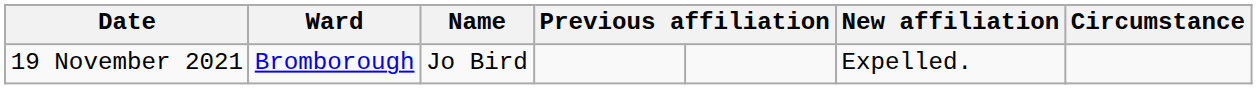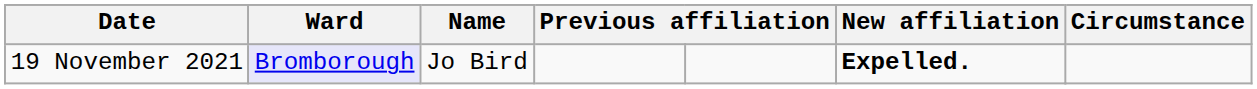 <table class="wikitable" style="font-size: 95%;">
 <tr>
 <th>Date</th>
 <th>Ward</th>
 <th>Name</th>
 <th colspan="2">Previous affiliation</th>
 <th colspan="2">New affiliation</th>
 <th>Circumstance</th>
 </tr>
 <tr>
 <td>19 November 2021</td>
-<td><a href='#'>Bromborough</a></td>
+<td style="background: lavender;"><a href='#'>Bromborough</a></td>
 <td>Jo Bird</td>
 <td></td>
 <td></td>
-<td>Expelled.</td>
+<td><strong>Expelled.</strong></td>
 </tr>
 </table>
